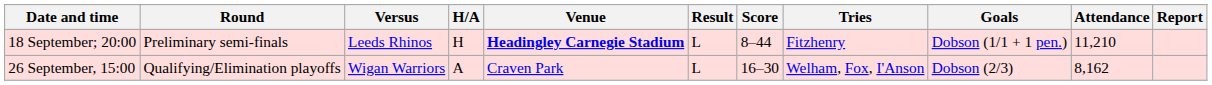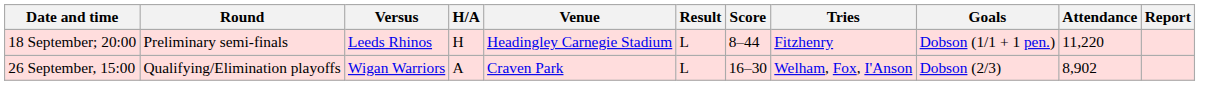 <table class="wikitable" style="font-size:85%;">
 <tr>
 <th>Date and time</th>
 <th>Round</th>
 <th>Versus</th>
 <th>H/A</th>
 <th>Venue</th>
 <th>Result</th>
 <th>Score</th>
 <th>Tries</th>
 <th>Goals</th>
 <th>Attendance</th>
 <th>Report</th>
 </tr>
 <tr style="background:#ffdddd">
 <td>18 September; 20:00</td>
 <td>Preliminary semi-finals</td>
 <td> <a href='#'>Leeds Rhinos</a></td>
 <td>H</td>
-<td><strong><a href='#'>Headingley Carnegie Stadium</a></strong></td>
+<td><a href='#'>Headingley Carnegie Stadium</a></td>
 <td>L</td>
 <td>8–44</td>
 <td><a href='#'>Fitzhenry</a></td>
 <td><a href='#'>Dobson</a> (1/1 + 1 <a href='#'>pen.</a>)</td>
-<td>11,210</td>
+<td>11,220</td>
 <td></td>
 </tr>
 <tr style="background:#ffdddd">
 <td>26 September, 15:00</td>
 <td>Qualifying/Elimination playoffs</td>
 <td> <a href='#'>Wigan Warriors</a></td>
 <td>A</td>
 <td><a href='#'>Craven Park</a></td>
 <td>L</td>
 <td>16–30</td>
 <td><a href='#'>Welham</a>, <a href='#'>Fox</a>, <a href='#'>I'Anson</a></td>
 <td><a href='#'>Dobson</a> (2/3)</td>
-<td>8,162</td>
+<td>8,902</td>
 <td></td>
 </tr>
 </table>
